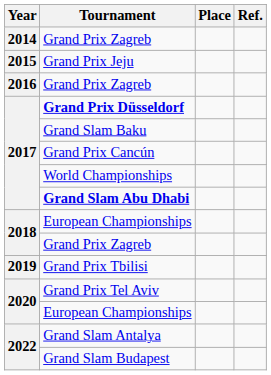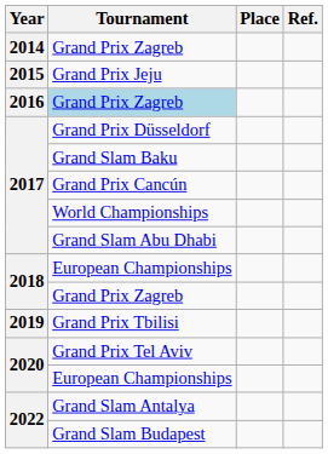 <table class="wikitable sortable" style="text-align:center;">
 <tr>
 <th>Year</th>
 <th>Tournament</th>
 <th>Place</th>
 <th>Ref.</th>
 </tr>
 <tr>
 <th>2014</th>
 <td align=left><a href='#'>Grand Prix Zagreb</a></td>
 <td></td>
 <td></td>
 </tr>
 <tr>
 <th>2015</th>
 <td align=left><a href='#'>Grand Prix Jeju</a></td>
 <td></td>
 <td></td>
 </tr>
 <tr>
 <th>2016</th>
-<td align=left><a href='#'>Grand Prix Zagreb</a></td>
+<td align=left style="background: lightblue;"><a href='#'>Grand Prix Zagreb</a></td>
 <td></td>
 <td></td>
 </tr>
 <tr>
 <th rowspan=5>2017</th>
-<td align=left><strong><a href='#'>Grand Prix Düsseldorf</a></strong></td>
+<td align=left><a href='#'>Grand Prix Düsseldorf</a></td>
 <td></td>
 <td></td>
 </tr>
 <tr>
 <td align=left><a href='#'>Grand Slam Baku</a></td>
 <td></td>
 <td></td>
 </tr>
 <tr>
 <td align=left><a href='#'>Grand Prix Cancún</a></td>
 <td></td>
 <td></td>
 </tr>
 <tr>
 <td align=left><a href='#'>World Championships</a></td>
 <td></td>
 <td></td>
 </tr>
 <tr>
-<td align=left><strong><a href='#'>Grand Slam Abu Dhabi</a></strong></td>
+<td align=left><a href='#'>Grand Slam Abu Dhabi</a></td>
 <td></td>
 <td></td>
 </tr>
 <tr>
 <th rowspan=2>2018</th>
 <td align=left><a href='#'>European Championships</a></td>
 <td></td>
 <td></td>
 </tr>
 <tr>
 <td align=left><a href='#'>Grand Prix Zagreb</a></td>
 <td></td>
 <td></td>
 </tr>
 <tr>
 <th>2019</th>
 <td align=left><a href='#'>Grand Prix Tbilisi</a></td>
 <td></td>
 <td></td>
 </tr>
 <tr>
 <th rowspan=2>2020</th>
 <td align=left><a href='#'>Grand Prix Tel Aviv</a></td>
 <td></td>
 <td></td>
 </tr>
 <tr>
 <td align=left><a href='#'>European Championships</a></td>
 <td></td>
 <td></td>
 </tr>
 <tr>
 <th rowspan=2>2022</th>
 <td align=left><a href='#'>Grand Slam Antalya</a></td>
 <td></td>
 <td></td>
 </tr>
 <tr>
 <td align=left><a href='#'>Grand Slam Budapest</a></td>
 <td></td>
 <td></td>
 </tr>
 </table>
